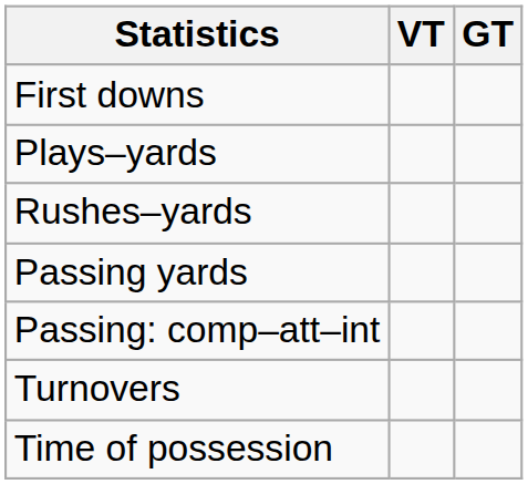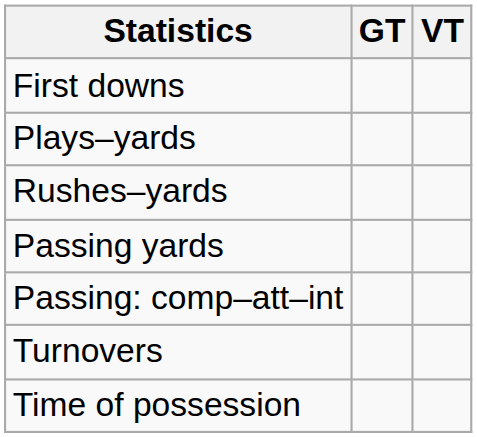 <table class="wikitable" style="float:left">
 <tr>
 <th>Statistics</th>
+<th>GT</th>
 <th>VT</th>
-<th>GT</th>
 </tr>
 <tr>
 <td>First downs</td>
 <td></td>
 <td></td>
 </tr>
 <tr>
 <td>Plays–yards</td>
 <td></td>
 <td></td>
 </tr>
 <tr>
 <td>Rushes–yards</td>
 <td></td>
 <td></td>
 </tr>
 <tr>
 <td>Passing yards</td>
 <td></td>
 <td></td>
 </tr>
 <tr>
 <td>Passing: comp–att–int</td>
 <td></td>
 <td></td>
 </tr>
 <tr>
 <td>Turnovers</td>
 <td></td>
 <td></td>
 </tr>
 <tr>
 <td>Time of possession</td>
 <td></td>
 <td></td>
 </tr>
 </table>
